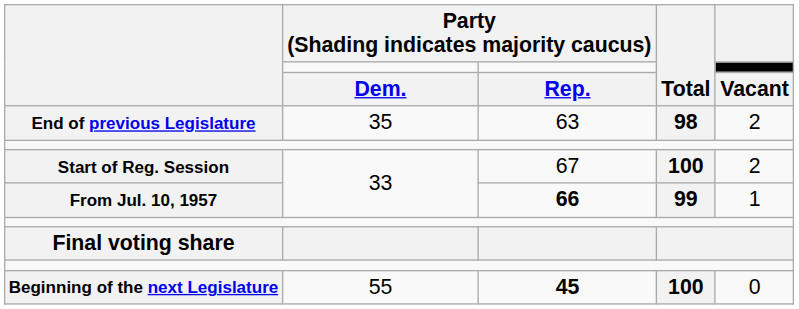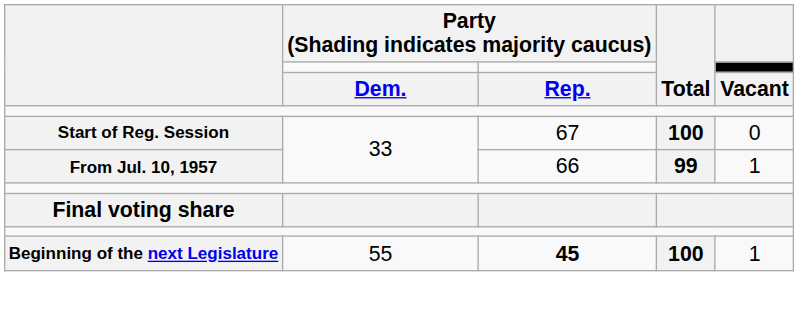 <table class=wikitable style="text-align:center">
 <tr style="vertical-align:bottom;">
 <th rowspan=3></th>
 <th colspan=2>Party <div>(Shading indicates majority caucus)</div></th>
 <th rowspan=3>Total</th>
 <th></th>
 </tr>
 <tr style="height:5px">
 <td style="background-color:"></td>
 <td style="background-color:"></td>
 <td style="background:black;"></td>
 </tr>
 <tr>
 <th><a href='#'>Dem.</a></th>
 <th><a href='#'>Rep.</a></th>
 <th>Vacant</th>
 </tr>
 <tr>
-<th style="font-size:80%;">End of <a href='#'>previous Legislature</a></th>
-<td>35</td>
-<td>63</td>
-<th>98</th>
-<td>2</td>
-</tr>
-<tr>
 <td colspan=5></td>
 </tr>
 <tr>
 <th style="font-size:80%;">Start of Reg. Session</th>
 <td rowspan="2">33</td>
 <td>67</td>
 <th>100</th>
-<td>2</td>
+<td>0</td>
 </tr>
 <tr>
 <th style="font-size:80%;">From Jul. 10, 1957</th>
-<td><strong>66</strong></td>
+<td>66</td>
 <th>99</th>
 <td>1</td>
 </tr>
 <tr>
 <td colspan=5></td>
 </tr>
 <tr>
 <th>Final voting share</th>
 <th></th>
 <th></th>
 <th colspan=2></th>
 </tr>
 <tr>
 <td colspan=5></td>
 </tr>
 <tr>
 <th style="font-size:80%;">Beginning of the <a href='#'>next Legislature</a></th>
 <td>55</td>
 <td><strong>45</strong></td>
 <th>100</th>
-<td>0</td>
+<td>1</td>
 </tr>
 </table>
